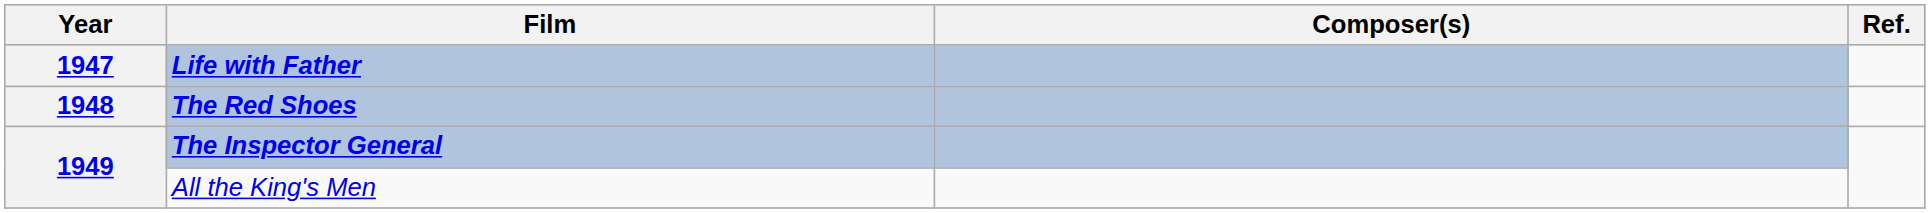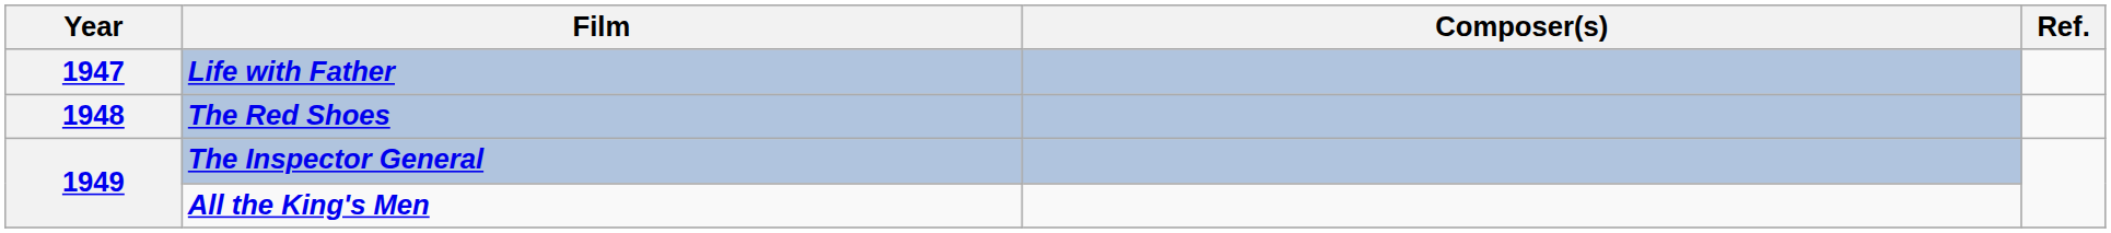 <table class="wikitable sortable unsortable" style="width:95%;" cellpadding="6">
 <tr>
 <th scope="col" style="width:70pt">Year</th>
 <th scope="col" style="width:40%">Film</th>
 <th scope="col">Composer(s)</th>
 <th scope="col" class="unsortable" style="width:30pt">Ref.</th>
 </tr>
 <tr>
 <th style="text-align:center;"><a href='#'>1947</a></th>
 <td style="background:#B0C4DE;"><em><a href='#'><strong>Life with Father</strong></a></em></td>
 <td style="background:#B0C4DE;"><strong></strong></td>
 <td></td>
 </tr>
 <tr>
 <th style="text-align:center;"><a href='#'>1948</a></th>
 <td style="background:#B0C4DE;"><em><a href='#'><strong>The Red Shoes</strong></a></em></td>
 <td style="background:#B0C4DE;"><strong></strong></td>
 <td></td>
 </tr>
 <tr>
 <th rowspan="2" style="text-align:center;"><a href='#'>1949</a></th>
 <td style="background:#B0C4DE;"><em><a href='#'><strong>The Inspector General</strong></a></em></td>
 <td style="background:#B0C4DE;"><strong></strong></td>
 <td rowspan="2"></td>
 </tr>
 <tr>
-<td><em><a href='#'>All the King's Men</a></em></td>
+<td><strong><em><a href='#'>All the King's Men</a></em></strong></td>
 <td></td>
 </tr>
 </table>
